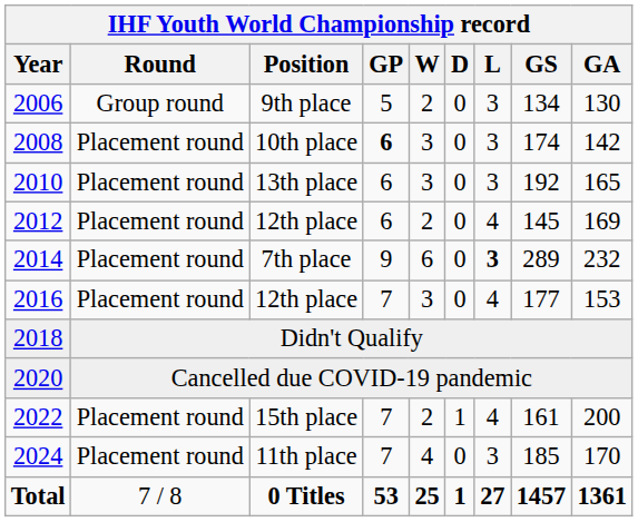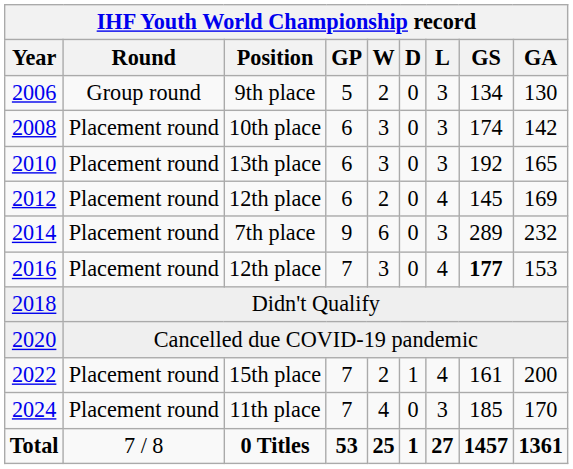 <table class="wikitable" style="text-align: center;">
 <tr>
 <th colspan=10><a href='#'>IHF Youth World Championship</a> record</th>
 </tr>
 <tr>
 <th>Year</th>
 <th>Round</th>
 <th>Position</th>
 <th>GP</th>
 <th>W</th>
 <th>D</th>
 <th>L</th>
 <th>GS</th>
 <th>GA</th>
 </tr>
 <tr bgcolor=>
 <td> <a href='#'>2006</a></td>
 <td>Group round</td>
 <td>9th place</td>
 <td>5</td>
 <td>2</td>
 <td>0</td>
 <td>3</td>
 <td>134</td>
 <td>130</td>
 </tr>
 <tr bgcolor=>
 <td> <a href='#'>2008</a></td>
 <td>Placement round</td>
 <td>10th place</td>
-<td><strong>6</strong></td>
+<td>6</td>
 <td>3</td>
 <td>0</td>
 <td>3</td>
 <td>174</td>
 <td>142</td>
 </tr>
 <tr bgcolor=>
 <td> <a href='#'>2010</a></td>
 <td>Placement round</td>
 <td>13th place</td>
 <td>6</td>
 <td>3</td>
 <td>0</td>
 <td>3</td>
 <td>192</td>
 <td>165</td>
 </tr>
 <tr bgcolor=>
 <td> <a href='#'>2012</a></td>
 <td>Placement round</td>
 <td>12th place</td>
 <td>6</td>
 <td>2</td>
 <td>0</td>
 <td>4</td>
 <td>145</td>
 <td>169</td>
 </tr>
 <tr bgcolor=>
 <td> <a href='#'>2014</a></td>
 <td>Placement round</td>
 <td>7th place</td>
 <td>9</td>
 <td>6</td>
 <td>0</td>
-<td><strong>3</strong></td>
+<td>3</td>
 <td>289</td>
 <td>232</td>
 </tr>
 <tr bgcolor=>
 <td> <a href='#'>2016</a></td>
 <td>Placement round</td>
 <td>12th place</td>
 <td>7</td>
 <td>3</td>
 <td>0</td>
 <td>4</td>
-<td>177</td>
+<td><strong>177</strong></td>
 <td>153</td>
 </tr>
 <tr bgcolor=efefef>
 <td> <a href='#'>2018</a></td>
 <td colspan=8 rowspan=1>Didn't Qualify</td>
 </tr>
 <tr bgcolor=efefef>
 <td> <a href='#'>2020</a></td>
 <td colspan=8 rowspan=1>Cancelled due COVID-19 pandemic</td>
 </tr>
 <tr bgcolor=>
 <td> <a href='#'>2022</a></td>
 <td>Placement round</td>
 <td>15th place</td>
 <td>7</td>
 <td>2</td>
 <td>1</td>
 <td>4</td>
 <td>161</td>
 <td>200</td>
 </tr>
 <tr bgcolor=>
 <td> <a href='#'>2024</a></td>
 <td>Placement round</td>
 <td>11th place</td>
 <td>7</td>
 <td>4</td>
 <td>0</td>
 <td>3</td>
 <td>185</td>
 <td>170</td>
 </tr>
 <tr>
 <td><strong>Total</strong></td>
 <td>7 / 8</td>
 <td><strong>0 Titles</strong></td>
 <td><strong>53</strong></td>
 <td><strong>25</strong></td>
 <td><strong>1</strong></td>
 <td><strong>27</strong></td>
 <td><strong>1457</strong></td>
 <td><strong>1361</strong></td>
 </tr>
 </table>
